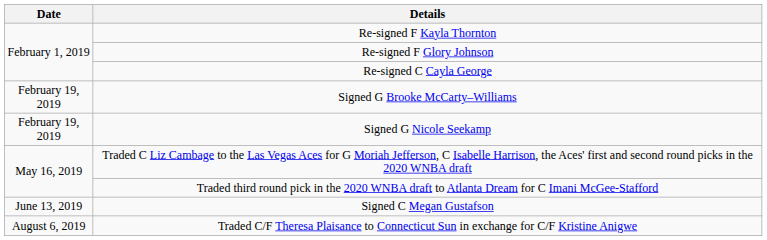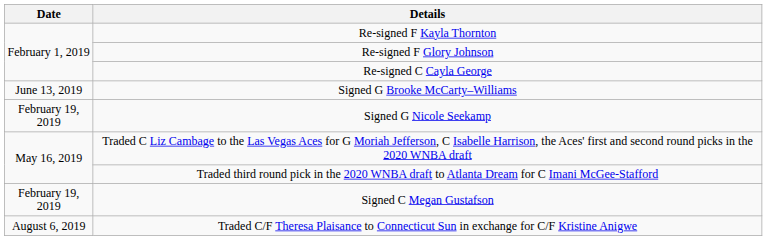 <table class="wikitable" style="width:80%; text-align: center">
 <tr>
 <th>Date</th>
 <th>Details</th>
 </tr>
 <tr>
 <td rowspan=3>February 1, 2019</td>
 <td>Re-signed F <a href='#'>Kayla Thornton</a></td>
 </tr>
 <tr>
 <td>Re-signed F <a href='#'>Glory Johnson</a></td>
 </tr>
 <tr>
 <td>Re-signed C <a href='#'>Cayla George</a></td>
 </tr>
 <tr>
-<td>February 19, 2019</td>
+<td>June 13, 2019</td>
 <td>Signed G <a href='#'>Brooke McCarty–Williams</a></td>
 </tr>
 <tr>
 <td>February 19, 2019</td>
 <td>Signed G <a href='#'>Nicole Seekamp</a></td>
 </tr>
 <tr>
 <td rowspan=2>May 16, 2019</td>
 <td>Traded C <a href='#'>Liz Cambage</a> to the <a href='#'>Las Vegas Aces</a> for G <a href='#'>Moriah Jefferson</a>, C <a href='#'>Isabelle Harrison</a>, the Aces' first and second round picks in the <a href='#'>2020 WNBA draft</a></td>
 </tr>
 <tr>
 <td>Traded third round pick in the <a href='#'>2020 WNBA draft</a> to <a href='#'>Atlanta Dream</a> for C <a href='#'>Imani McGee-Stafford</a></td>
 </tr>
 <tr>
-<td>June 13, 2019</td>
+<td>February 19, 2019</td>
 <td>Signed C <a href='#'>Megan Gustafson</a></td>
 </tr>
 <tr>
 <td>August 6, 2019</td>
 <td>Traded C/F <a href='#'>Theresa Plaisance</a> to <a href='#'>Connecticut Sun</a> in exchange for C/F <a href='#'>Kristine Anigwe</a></td>
 </tr>
 </table>
